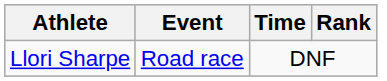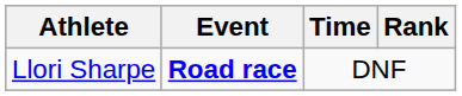 <table class=wikitable style="font-size:90%;">
 <tr>
 <th>Athlete</th>
 <th>Event</th>
 <th>Time</th>
 <th>Rank</th>
 </tr>
 <tr align=center>
 <td align=left><a href='#'>Llori Sharpe</a></td>
-<td align=left rowspan=1><a href='#'>Road race</a></td>
+<td align=left rowspan=1><strong><a href='#'>Road race</a></strong></td>
 <td colspan=2>DNF</td>
 </tr>
 </table>
